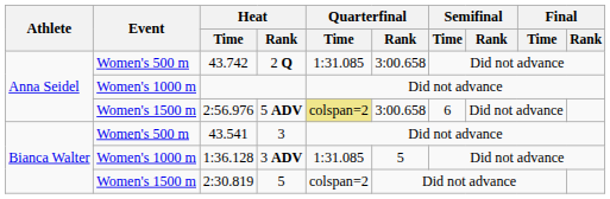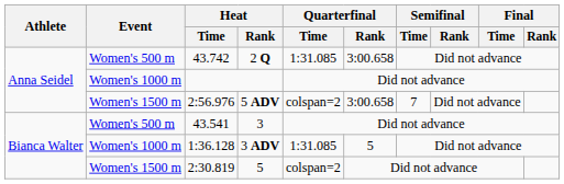 <table class="wikitable" style="font-size:90%">
 <tr>
 <th rowspan=2>Athlete</th>
 <th rowspan=2>Event</th>
 <th colspan=2>Heat</th>
 <th colspan=2>Quarterfinal</th>
 <th colspan=2>Semifinal</th>
 <th colspan=2>Final</th>
 </tr>
 <tr style="font-size:95%">
 <th>Time</th>
 <th>Rank</th>
 <th>Time</th>
 <th>Rank</th>
 <th>Time</th>
 <th>Rank</th>
 <th>Time</th>
 <th>Rank</th>
 </tr>
 <tr align=center>
 <td align=left rowspan=3><a href='#'>Anna Seidel</a></td>
 <td align=left><a href='#'>Women's 500 m</a></td>
 <td>43.742</td>
 <td>2 <strong>Q</strong></td>
 <td>1:31.085</td>
 <td>3:00.658</td>
 <td colspan=4>Did not advance</td>
 </tr>
 <tr align=center>
 <td align=left><a href='#'>Women's 1000 m</a></td>
 <td colspan=2></td>
 <td colspan=6>Did not advance</td>
 </tr>
 <tr align=center>
 <td align=left><a href='#'>Women's 1500 m</a></td>
 <td>2:56.976</td>
 <td>5 <strong>ADV</strong></td>
-<td style="background: khaki;">colspan=2</td>
+<td>colspan=2</td>
 <td>3:00.658</td>
-<td>6</td>
+<td>7</td>
 <td colspan=2>Did not advance</td>
 </tr>
 <tr align=center>
 <td align=left rowspan=3><a href='#'>Bianca Walter</a></td>
 <td align=left><a href='#'>Women's 500 m</a></td>
 <td>43.541</td>
 <td>3</td>
 <td colspan=6>Did not advance</td>
 </tr>
 <tr align=center>
 <td align=left><a href='#'>Women's 1000 m</a></td>
 <td>1:36.128</td>
 <td>3 <strong>ADV</strong></td>
 <td>1:31.085</td>
 <td>5</td>
 <td colspan=5>Did not advance</td>
 </tr>
 <tr align=center>
 <td align=left><a href='#'>Women's 1500 m</a></td>
 <td>2:30.819</td>
 <td>5</td>
 <td>colspan=2</td>
 <td colspan=4>Did not advance</td>
 </tr>
 </table>
